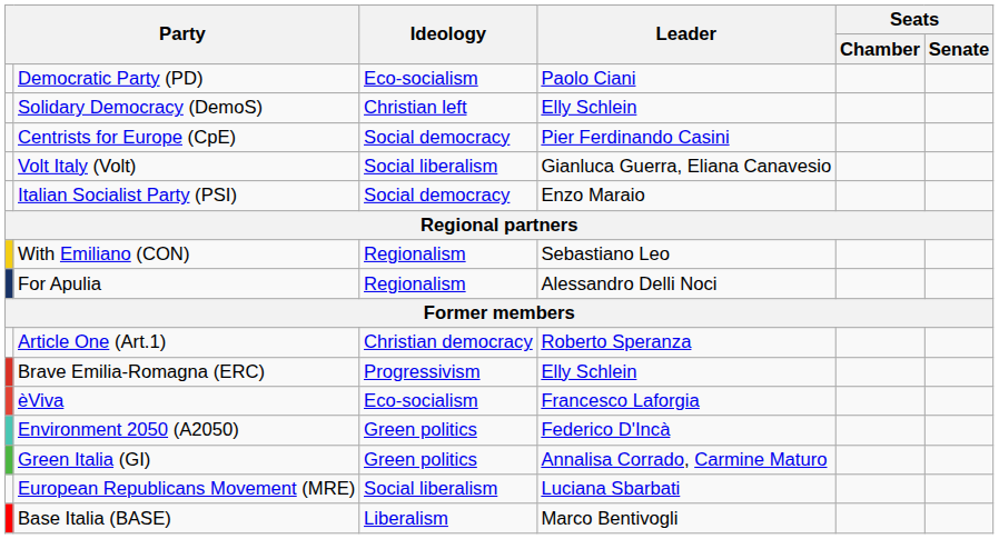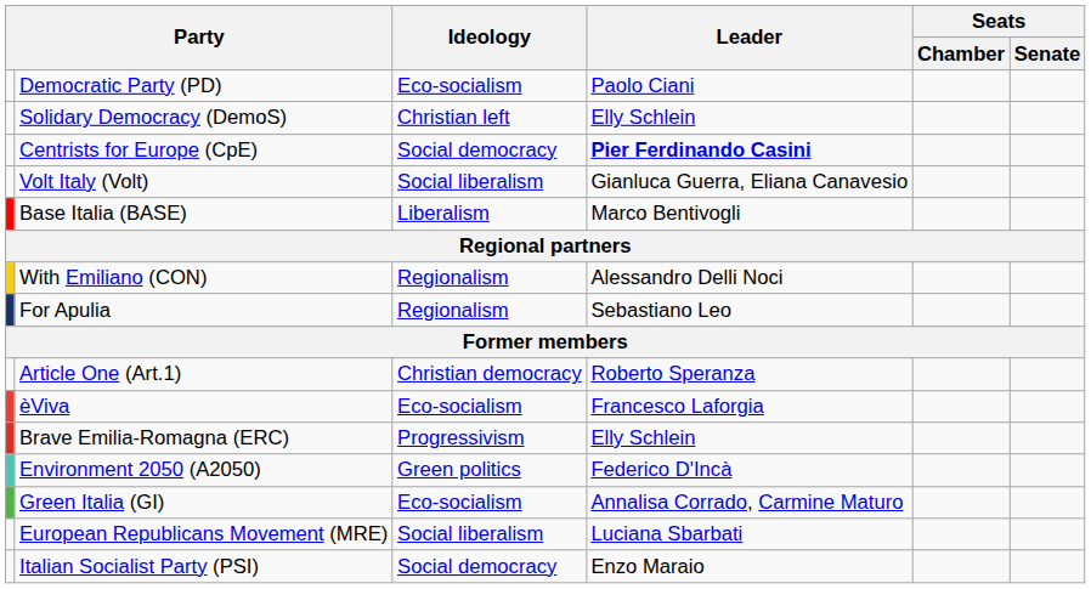 <table class=wikitable  style=text-align:left>
 <tr>
 <th colspan="2" rowspan="2">Party</th>
 <th rowspan="2">Ideology</th>
 <th rowspan="2">Leader</th>
 <th colspan="2">Seats</th>
 </tr>
 <tr>
 <th>Chamber</th>
 <th>Senate</th>
 </tr>
 <tr>
 <td></td>
 <td><a href='#'>Democratic Party</a> (PD)</td>
 <td><a href='#'>Eco-socialism</a></td>
 <td><a href='#'>Paolo Ciani</a></td>
 <td></td>
 <td></td>
 </tr>
 <tr>
 <td></td>
 <td><a href='#'>Solidary Democracy</a> (DemoS)</td>
 <td><a href='#'>Christian left</a></td>
 <td><a href='#'>Elly Schlein</a></td>
 <td></td>
 <td></td>
 </tr>
 <tr>
 <td></td>
 <td><a href='#'>Centrists for Europe</a> (CpE)</td>
 <td><a href='#'>Social democracy</a></td>
-<td><a href='#'>Pier Ferdinando Casini</a></td>
+<td><strong><a href='#'>Pier Ferdinando Casini</a></strong></td>
 <td></td>
 <td></td>
 </tr>
 <tr>
 <td></td>
 <td><a href='#'>Volt Italy</a> (Volt)</td>
 <td><a href='#'>Social liberalism</a></td>
 <td>Gianluca Guerra, Eliana Canavesio</td>
 <td></td>
 <td></td>
 </tr>
 <tr>
-<td></td>
-<td><a href='#'>Italian Socialist Party</a> (PSI)</td>
-<td><a href='#'>Social democracy</a></td>
-<td>Enzo Maraio</td>
+<td bgcolor="red"></td>
+<td>Base Italia (BASE)</td>
+<td><a href='#'>Liberalism</a></td>
+<td>Marco Bentivogli</td>
 <td></td>
 <td></td>
 </tr>
 <tr>
 <th colspan=6>Regional partners</th>
 </tr>
 <tr>
 <td bgcolor="#F4CE13"></td>
 <td>With <a href='#'>Emiliano</a> (CON)</td>
 <td><a href='#'>Regionalism</a></td>
-<td>Sebastiano Leo</td>
+<td>Alessandro Delli Noci</td>
 <td></td>
 <td></td>
 </tr>
 <tr>
 <td bgcolor="#183265"></td>
 <td>For Apulia</td>
 <td><a href='#'>Regionalism</a></td>
-<td>Alessandro Delli Noci</td>
+<td>Sebastiano Leo</td>
 <td></td>
 <td></td>
 </tr>
 <tr>
 <th colspan=6>Former members</th>
 </tr>
 <tr>
 <td></td>
 <td><a href='#'>Article One</a> (Art.1)</td>
 <td><a href='#'>Christian democracy</a></td>
 <td><a href='#'>Roberto Speranza</a></td>
 <td></td>
 <td></td>
 </tr>
 <tr>
+<td bgcolor="#E34234"></td>
+<td><a href='#'>èViva</a></td>
+<td><a href='#'>Eco-socialism</a></td>
+<td><a href='#'>Francesco Laforgia</a></td>
+<td></td>
+<td></td>
+</tr>
+<tr>
 <td bgcolor="#D93025"></td>
 <td>Brave Emilia-Romagna (ERC)</td>
 <td><a href='#'>Progressivism</a></td>
 <td><a href='#'>Elly Schlein</a></td>
-<td></td>
-<td></td>
-</tr>
-<tr>
-<td bgcolor="#E34234"></td>
-<td><a href='#'>èViva</a></td>
-<td><a href='#'>Eco-socialism</a></td>
-<td><a href='#'>Francesco Laforgia</a></td>
 <td></td>
 <td></td>
 </tr>
 <tr>
 <td bgcolor="#49C6B3"></td>
 <td><a href='#'>Environment 2050</a> (A2050)</td>
 <td><a href='#'>Green politics</a></td>
 <td><a href='#'>Federico D'Incà</a></td>
 <td></td>
 <td></td>
 </tr>
 <tr>
 <td bgcolor="#4CB640"></td>
 <td><a href='#'>Green Italia</a> (GI)</td>
-<td><a href='#'>Green politics</a></td>
+<td><a href='#'>Eco-socialism</a></td>
 <td><a href='#'>Annalisa Corrado</a>, <a href='#'>Carmine Maturo</a></td>
 <td></td>
 <td></td>
 </tr>
 <tr>
 <td></td>
 <td><a href='#'>European Republicans Movement</a> (MRE)</td>
 <td><a href='#'>Social liberalism</a></td>
 <td><a href='#'>Luciana Sbarbati</a></td>
 <td></td>
 <td></td>
 </tr>
 <tr>
-<td bgcolor="red"></td>
-<td>Base Italia (BASE)</td>
-<td><a href='#'>Liberalism</a></td>
-<td>Marco Bentivogli</td>
+<td></td>
+<td><a href='#'>Italian Socialist Party</a> (PSI)</td>
+<td><a href='#'>Social democracy</a></td>
+<td>Enzo Maraio</td>
 <td></td>
 <td></td>
 </tr>
 </table>
